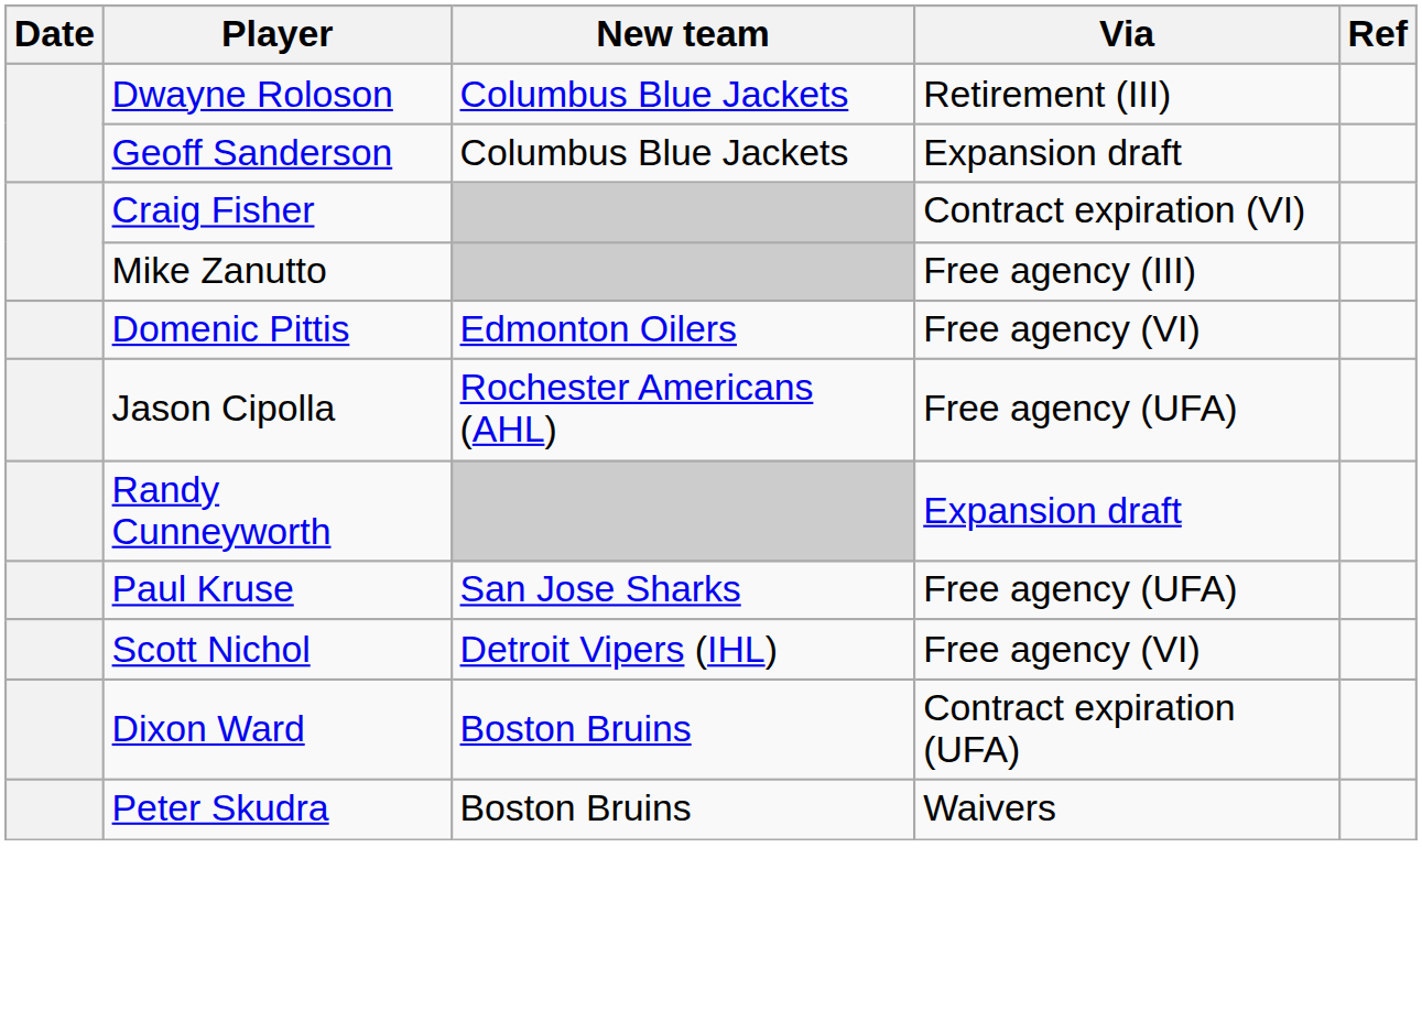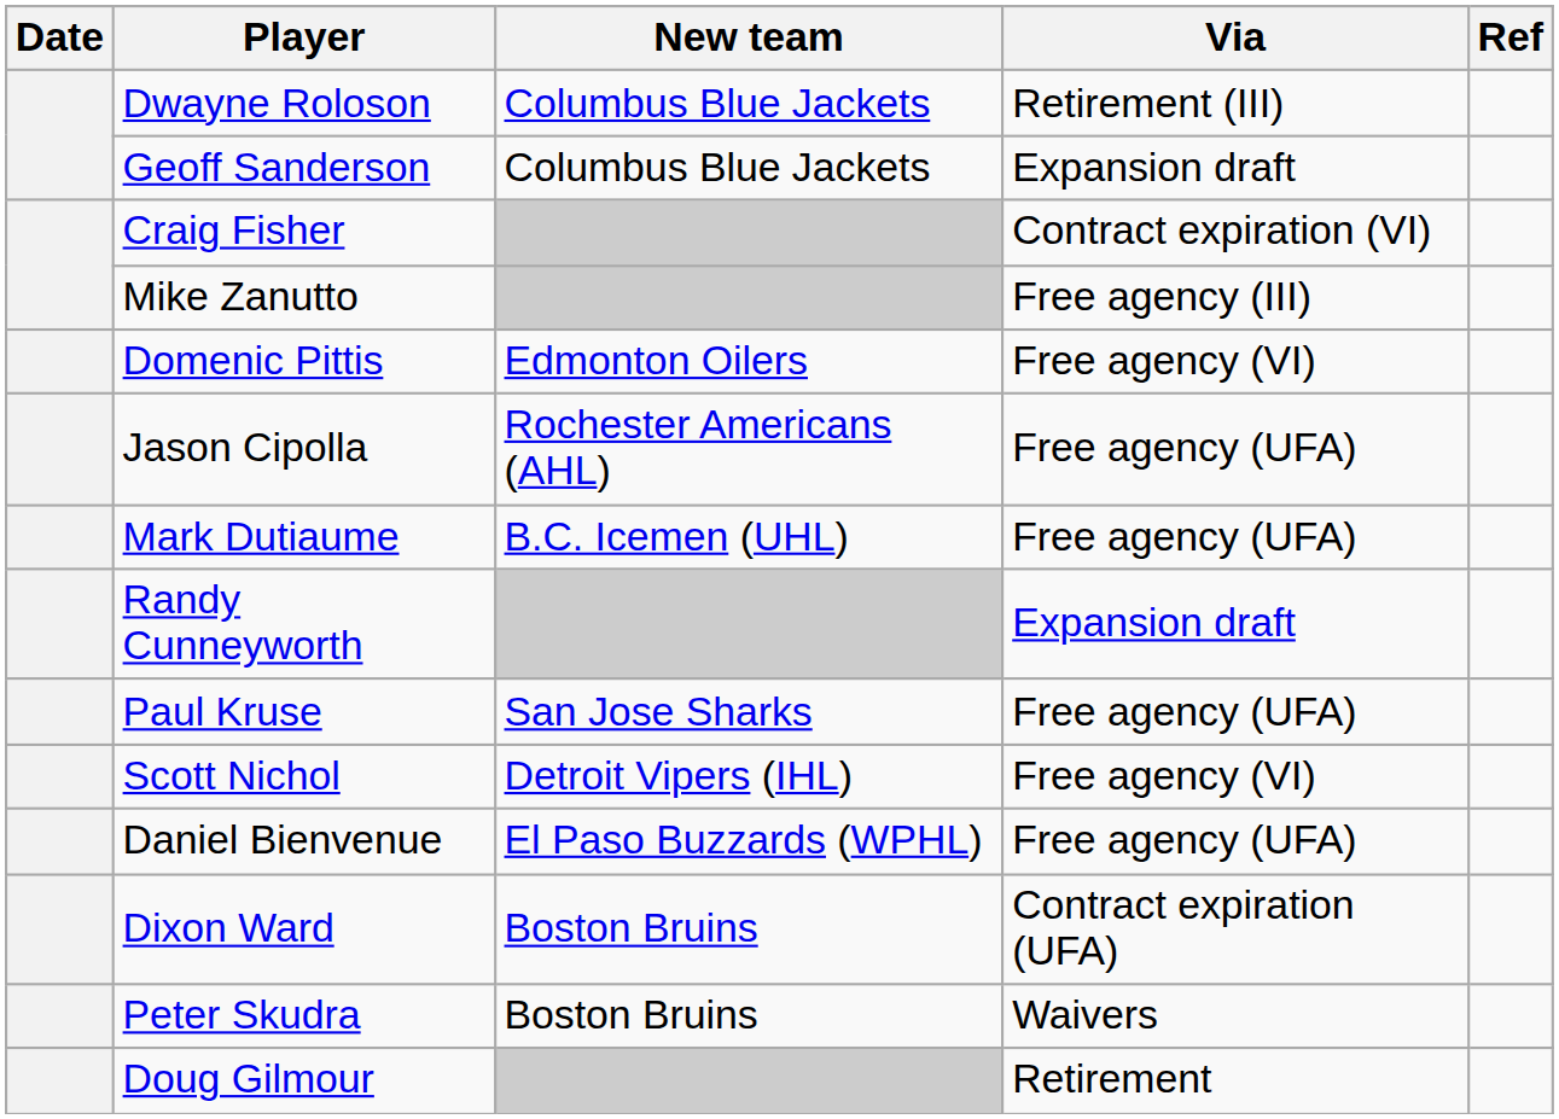 <table class="wikitable plainrowheaders">
 <tr style="background:#ddd; text-align:center;">
 <th>Date</th>
 <th>Player</th>
 <th>New team</th>
 <th>Via</th>
 <th>Ref</th>
 </tr>
 <tr>
 <th scope="row" rowspan=2></th>
 <td><a href='#'>Dwayne Roloson</a></td>
 <td><a href='#'>Columbus Blue Jackets</a></td>
 <td>Retirement (III)</td>
 <td></td>
 </tr>
 <tr>
 <td><a href='#'>Geoff Sanderson</a></td>
 <td>Columbus Blue Jackets</td>
 <td>Expansion draft</td>
 <td></td>
 </tr>
 <tr>
 <th scope="row" rowspan=2></th>
 <td><a href='#'>Craig Fisher</a></td>
 <td style="background:#ccc"></td>
 <td>Contract expiration (VI)</td>
 <td></td>
 </tr>
 <tr>
 <td>Mike Zanutto</td>
 <td style="background:#ccc"></td>
 <td>Free agency (III)</td>
 <td></td>
 </tr>
 <tr>
 <th scope="row"></th>
 <td><a href='#'>Domenic Pittis</a></td>
 <td><a href='#'>Edmonton Oilers</a></td>
 <td>Free agency (VI)</td>
 <td></td>
 </tr>
 <tr>
 <th scope="row"></th>
 <td>Jason Cipolla</td>
 <td><a href='#'>Rochester Americans</a> (<a href='#'>AHL</a>)</td>
 <td>Free agency (UFA)</td>
 <td></td>
 </tr>
 <tr>
 <th scope="row"></th>
+<td><a href='#'>Mark Dutiaume</a></td>
+<td><a href='#'>B.C. Icemen</a> (<a href='#'>UHL</a>)</td>
+<td>Free agency (UFA)</td>
+<td></td>
+</tr>
+<tr>
+<th scope="row"></th>
 <td><a href='#'>Randy Cunneyworth</a></td>
 <td style="background:#ccc"></td>
 <td><a href='#'>Expansion draft</a></td>
 <td></td>
 </tr>
 <tr>
 <th scope="row"></th>
 <td><a href='#'>Paul Kruse</a></td>
 <td><a href='#'>San Jose Sharks</a></td>
 <td>Free agency (UFA)</td>
 <td></td>
 </tr>
 <tr>
 <th scope="row"></th>
 <td><a href='#'>Scott Nichol</a></td>
 <td><a href='#'>Detroit Vipers</a> (<a href='#'>IHL</a>)</td>
 <td>Free agency (VI)</td>
 <td></td>
 </tr>
 <tr>
 <th scope="row"></th>
+<td>Daniel Bienvenue</td>
+<td><a href='#'>El Paso Buzzards</a> (<a href='#'>WPHL</a>)</td>
+<td>Free agency (UFA)</td>
+<td></td>
+</tr>
+<tr>
+<th scope="row"></th>
 <td><a href='#'>Dixon Ward</a></td>
 <td><a href='#'>Boston Bruins</a></td>
 <td>Contract expiration (UFA)</td>
 <td></td>
 </tr>
 <tr>
 <th scope="row"></th>
 <td><a href='#'>Peter Skudra</a></td>
 <td>Boston Bruins</td>
 <td>Waivers</td>
 <td></td>
 </tr>
+<tr>
+<th scope="row"></th>
+<td><a href='#'>Doug Gilmour</a></td>
+<td style="background:#ccc"></td>
+<td>Retirement</td>
+<td></td>
+</tr>
 </table>
